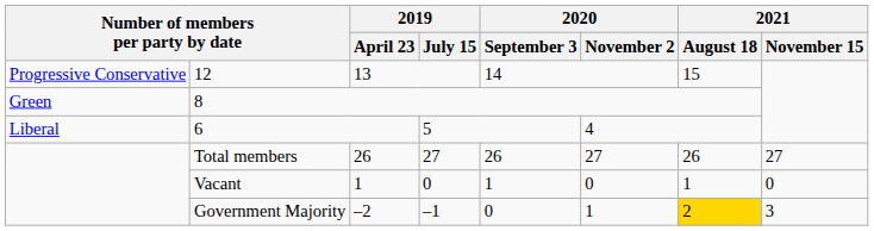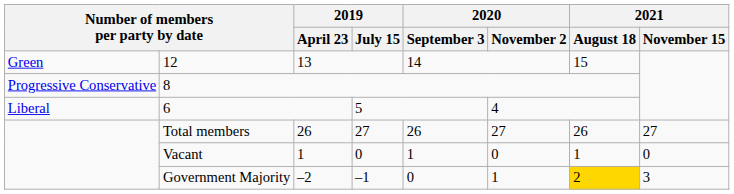 <table class="wikitable">
 <tr>
 <th colspan=2 rowspan=2>Number of members<br>per party by date</th>
 <th colspan=2>2019</th>
 <th colspan=2>2020</th>
 <th colspan=2>2021</th>
 </tr>
 <tr>
 <th>April 23</th>
 <th>July 15</th>
 <th>September 3</th>
 <th>November 2</th>
 <th>August 18</th>
 <th>November 15</th>
 </tr>
 <tr>
-<td><a href='#'>Progressive Conservative</a></td>
+<td><a href='#'>Green</a></td>
 <td>12</td>
 <td colspan="2">13</td>
 <td colspan="2">14</td>
 <td>15</td>
 </tr>
 <tr>
-<td><a href='#'>Green</a></td>
+<td><a href='#'>Progressive Conservative</a></td>
 <td colspan="6">8</td>
 </tr>
 <tr>
 <td><a href='#'>Liberal</a></td>
 <td colspan="2">6</td>
 <td colspan="2">5</td>
 <td colspan="2">4</td>
 </tr>
 <tr>
 <td rowspan=5></td>
 <td>Total members</td>
 <td>26</td>
 <td>27</td>
 <td>26</td>
 <td>27</td>
 <td>26</td>
 <td>27</td>
 </tr>
 <tr>
 <td>Vacant</td>
 <td>1</td>
 <td>0</td>
 <td>1</td>
 <td>0</td>
 <td>1</td>
 <td>0</td>
 </tr>
 <tr>
 <td>Government Majority</td>
 <td>–2</td>
 <td>–1</td>
 <td>0</td>
 <td>1</td>
 <td style="background: gold;">2</td>
 <td>3</td>
 </tr>
 </table>
